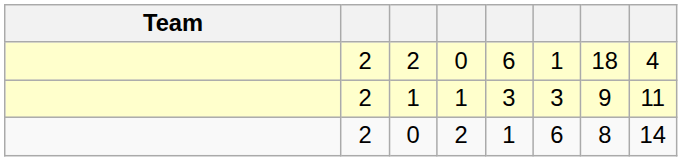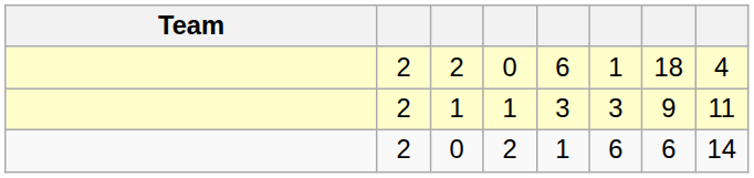 <table class="wikitable" style="text-align:center;">
 <tr>
 <th width=220>Team</th>
 <th width=25></th>
 <th width=25></th>
 <th width=25></th>
 <th width=25></th>
 <th width=25></th>
 <th width=25></th>
 <th width=25></th>
 </tr>
 <tr style="background:#ffffcc;">
 <td style="text-align:left;"></td>
 <td>2</td>
 <td>2</td>
 <td>0</td>
 <td>6</td>
 <td>1</td>
 <td>18</td>
 <td>4</td>
 </tr>
 <tr style="background:#ffffcc;">
 <td style="text-align:left;"></td>
 <td>2</td>
 <td>1</td>
 <td>1</td>
 <td>3</td>
 <td>3</td>
 <td>9</td>
 <td>11</td>
 </tr>
 <tr>
 <td style="text-align:left;"></td>
 <td>2</td>
 <td>0</td>
 <td>2</td>
 <td>1</td>
 <td>6</td>
-<td>8</td>
+<td>6</td>
 <td>14</td>
 </tr>
 </table>
